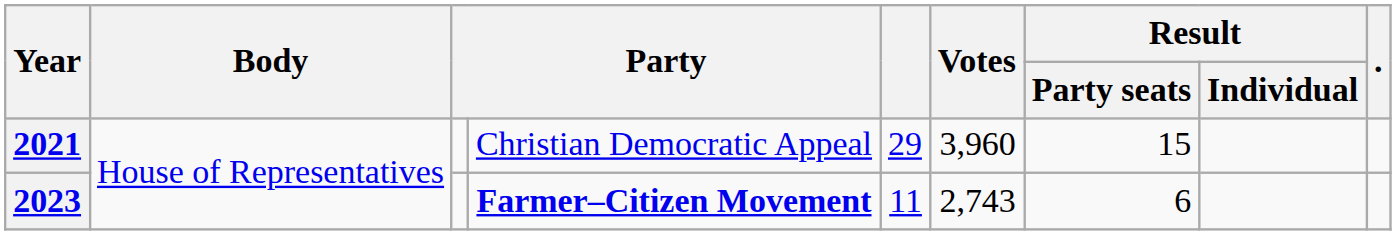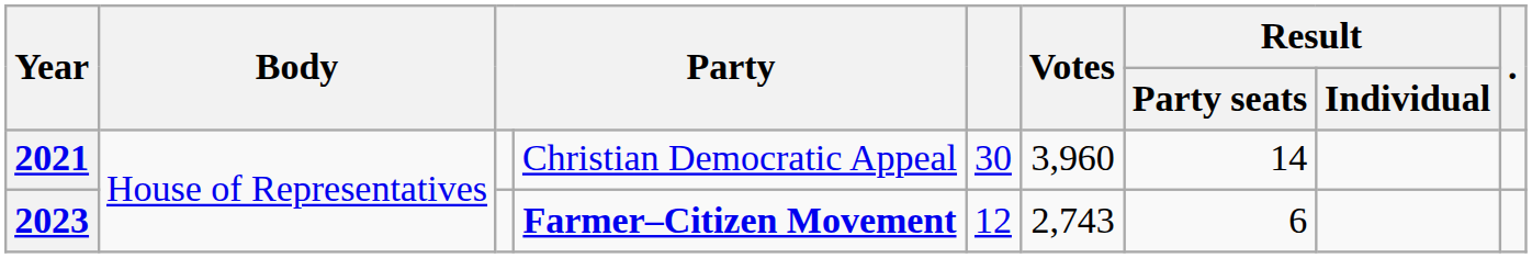 <table class="wikitable plainrowheaders sortable" border=2 cellpadding=4 cellspacing=0 style="border: 1px #aaa solid; font-size: 90%; text-align:center;">
 <tr>
 <th scope="col" rowspan=2>Year</th>
 <th scope="col" rowspan=2>Body</th>
 <th scope="col" colspan=2 rowspan=2>Party</th>
 <th scope="col" rowspan=2></th>
 <th scope="col" rowspan=2>Votes</th>
 <th scope="colgroup" colspan=2>Result</th>
 <th scope="col" rowspan=2 class="unsortable">.</th>
 </tr>
 <tr>
 <th scope="col">Party seats</th>
 <th scope="col">Individual</th>
 </tr>
 <tr>
 <th scope="row"><a href='#'>2021</a></th>
 <td rowspan="2"><a href='#'>House of Representatives</a></td>
 <td style="background-color:"></td>
 <td><a href='#'>Christian Democratic Appeal</a></td>
-<td style=text-align:right><a href='#'>29</a></td>
+<td style=text-align:right><a href='#'>30</a></td>
 <td style=text-align:right>3,960</td>
-<td style=text-align:right>15</td>
+<td style=text-align:right>14</td>
 <td></td>
 <td></td>
 </tr>
 <tr>
 <th scope="row"><a href='#'>2023</a></th>
 <td style="background-color:"></td>
 <td><strong><a href='#'>Farmer–Citizen Movement</a></strong></td>
-<td style=text-align:right><a href='#'>11</a></td>
+<td style=text-align:right><a href='#'>12</a></td>
 <td style=text-align:right>2,743</td>
 <td style=text-align:right>6</td>
 <td></td>
 <td></td>
 </tr>
 </table>
